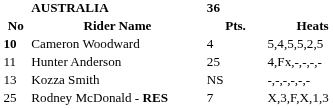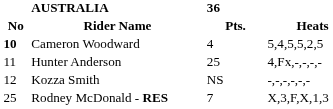 <table class="toccolours">
 <tr>
 <td></td>
 <td><strong>AUSTRALIA</strong></td>
 <td><strong>36</strong></td>
 </tr>
 <tr style="background-color:">
 <th width=30px>No</th>
 <th width=210px>Rider Name</th>
 <th width=70px>Pts.</th>
 <th width=110px>Heats</th>
 </tr>
 <tr style="background-color:">
 <td><strong>10</strong></td>
 <td>Cameron Woodward</td>
 <td>4</td>
 <td>5,4,5,5,2,5</td>
 </tr>
 <tr style="background-color:">
 <td>11</td>
 <td>Hunter Anderson</td>
 <td>25</td>
 <td>4,Fx,-,-,-,-</td>
 </tr>
 <tr style="background-color:">
-<td>13</td>
+<td>12</td>
 <td>Kozza Smith</td>
 <td>NS</td>
 <td>-,-,-,-,-,-</td>
 </tr>
 <tr style="background-color:">
 <td>25</td>
 <td>Rodney McDonald - <strong>RES</strong></td>
 <td>7</td>
 <td>X,3,F,X,1,3</td>
 </tr>
 </table>
